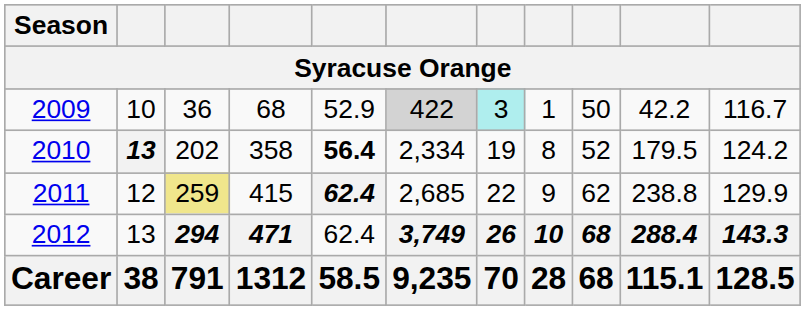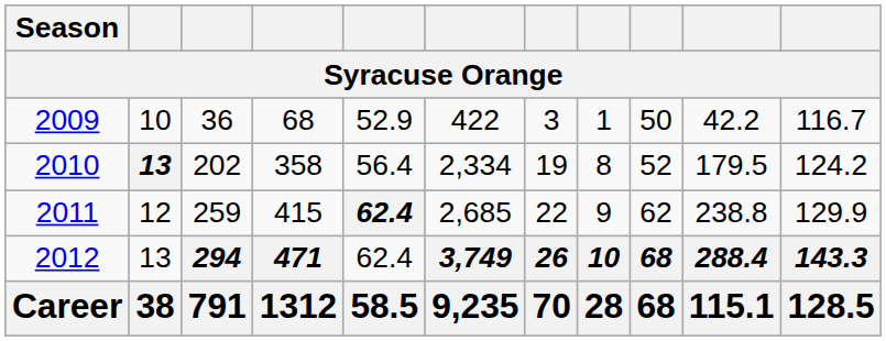 <table class="wikitable sortable" style="text-align: center;">
 <tr>
 <th>Season</th>
 <th></th>
 <th></th>
 <th></th>
 <th></th>
 <th></th>
 <th></th>
 <th></th>
 <th></th>
 <th></th>
 <th></th>
 </tr>
 <tr>
 <th colspan="16">Syracuse Orange</th>
 </tr>
 <tr>
 <td><a href='#'>2009</a></td>
 <td>10</td>
 <td>36</td>
 <td>68</td>
 <td>52.9</td>
-<td style="background: lightgrey;">422</td>
-<td style="background: paleturquoise;">3</td>
+<td>422</td>
+<td>3</td>
 <td>1</td>
 <td>50</td>
 <td>42.2</td>
 <td>116.7</td>
 </tr>
 <tr>
 <td><a href='#'>2010</a></td>
 <th><em>13</em></th>
 <td>202</td>
 <td>358</td>
-<td><strong>56.4</strong></td>
+<td>56.4</td>
 <td>2,334</td>
 <td>19</td>
 <td>8</td>
 <td>52</td>
 <td>179.5</td>
 <td>124.2</td>
 </tr>
 <tr>
 <td><a href='#'>2011</a></td>
 <td>12</td>
-<td style="background: khaki;">259</td>
+<td>259</td>
 <td>415</td>
 <th><em>62.4</em></th>
 <td>2,685</td>
 <td>22</td>
 <td>9</td>
 <td>62</td>
 <td>238.8</td>
 <td>129.9</td>
 </tr>
 <tr>
 <td><a href='#'>2012</a></td>
 <td>13</td>
 <th><em>294</em></th>
 <th><em>471</em></th>
 <td>62.4</td>
 <th><em>3,749</em></th>
 <th><em>26</em></th>
 <th><em>10</em></th>
 <th><em>68</em></th>
 <th><em>288.4</em></th>
 <th><em>143.3</em></th>
 </tr>
 <tr>
 <th><big>Career</big></th>
 <th><big>38</big></th>
 <th><big>791</big></th>
 <th><big>1312</big></th>
 <th><big>58.5</big></th>
 <th><big>9,235</big></th>
 <th><big>70</big></th>
 <th><big>28</big></th>
 <th><big>68</big></th>
 <th><big>115.1</big></th>
 <th><big>128.5</big></th>
 </tr>
 </table>
